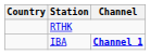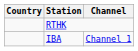 <table class="wikitable">
 <tr>
 <th>Country</th>
 <th>Station</th>
 <th>Channel</th>
 </tr>
 <tr>
 <td></td>
 <td colspan="2"><a href='#'>RTHK</a></td>
 </tr>
 <tr>
 <td></td>
 <td><a href='#'>IBA</a></td>
-<td><strong><a href='#'>Channel 1</a></strong></td>
+<td><a href='#'>Channel 1</a></td>
 </tr>
 </table>
